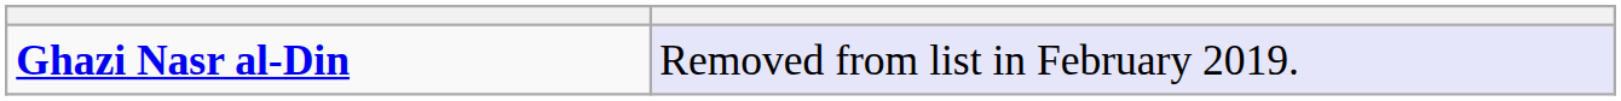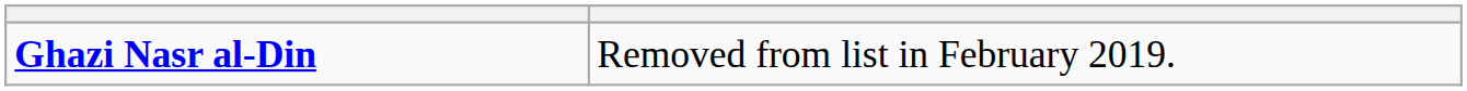 <table class="wikitable" border="1" align="center" width="600px">
 <tr>
 <th width="40%"></th>
 <th width="60%"></th>
 </tr>
 <tr>
 <td><strong><a href='#'>Ghazi Nasr al-Din</a></strong></td>
-<td style="background: lavender;">Removed from list in February 2019.</td>
+<td>Removed from list in February 2019.</td>
 </tr>
 </table>
